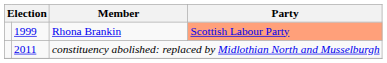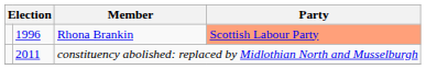 <table class="wikitable">
 <tr>
 <th colspan="2">Election</th>
 <th>Member</th>
 <th>Party</th>
 </tr>
 <tr>
 <td style="background-color: "></td>
-<td><a href='#'>1999</a></td>
+<td><a href='#'>1996</a></td>
 <td><a href='#'>Rhona Brankin</a></td>
 <td style="background: lightsalmon;"><a href='#'>Scottish Labour Party</a></td>
 </tr>
 <tr>
 <td style="background-color:"></td>
 <td><a href='#'>2011</a></td>
 <td colspan="3"><em>constituency abolished: replaced by <a href='#'>Midlothian North and Musselburgh</a></em></td>
 </tr>
 <tr>
 </tr>
 </table>
